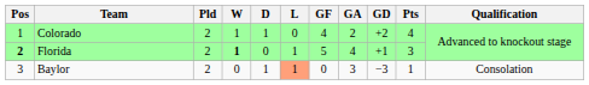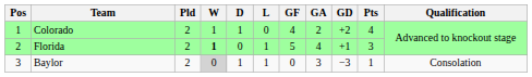 <table class="wikitable" style="text-align:center; margin: 1em auto">
 <tr>
 <th style="width:2em">Pos</th>
 <th style="width:13em">Team</th>
 <th style="width:2em">Pld</th>
 <th style="width:2em">W</th>
 <th style="width:2em">D</th>
 <th style="width:2em">L</th>
 <th style="width:2em">GF</th>
 <th style="width:2em">GA</th>
 <th style="width:2em">GD</th>
 <th style="width:2em">Pts</th>
 <th style="width:13em">Qualification</th>
 </tr>
 <tr bgcolor="#9eff9e">
 <td>1</td>
 <td style="text-align:left">Colorado</td>
 <td>2</td>
 <td>1</td>
 <td>1</td>
 <td>0</td>
 <td>4</td>
 <td>2</td>
 <td>+2</td>
 <td>4</td>
 <td rowspan="2">Advanced to knockout stage</td>
 </tr>
 <tr bgcolor="#9eff9e">
-<td><strong>2</strong></td>
+<td>2</td>
 <td style="text-align:left">Florida</td>
 <td>2</td>
 <td><strong>1</strong></td>
 <td>0</td>
 <td>1</td>
 <td>5</td>
 <td>4</td>
 <td>+1</td>
 <td>3</td>
 </tr>
 <tr>
 <td>3</td>
 <td style="text-align:left">Baylor</td>
 <td>2</td>
-<td>0</td>
+<td style="background: lightgrey;">0</td>
 <td>1</td>
-<td style="background: lightsalmon;">1</td>
+<td>1</td>
 <td>0</td>
 <td>3</td>
 <td>−3</td>
 <td>1</td>
 <td>Consolation</td>
 </tr>
 </table>
